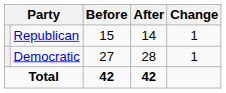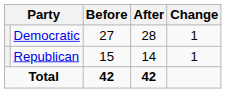 <table class="wikitable" style="text-align:center;">
 <tr>
 <th colspan="2">Party</th>
 <th>Before</th>
 <th>After</th>
 <th>Change</th>
 </tr>
 <tr>
 <th style="background-color:"></th>
-<td style="text-align:left;"><a href='#'>Republican</a></td>
-<td>15</td>
-<td>14</td>
+<td style="text-align:left;"><a href='#'>Democratic</a></td>
+<td>27</td>
+<td>28</td>
 <td> 1</td>
 </tr>
 <tr>
 <th style="background-color:"></th>
-<td style="text-align:left;"><a href='#'>Democratic</a></td>
-<td>27</td>
-<td>28</td>
+<td style="text-align:left;"><a href='#'>Republican</a></td>
+<td>15</td>
+<td>14</td>
 <td> 1</td>
 </tr>
 <tr>
 <td colspan="2"><strong>Total</strong></td>
 <td><strong>42</strong></td>
 <td><strong>42</strong></td>
 <td></td>
 </tr>
 </table>
